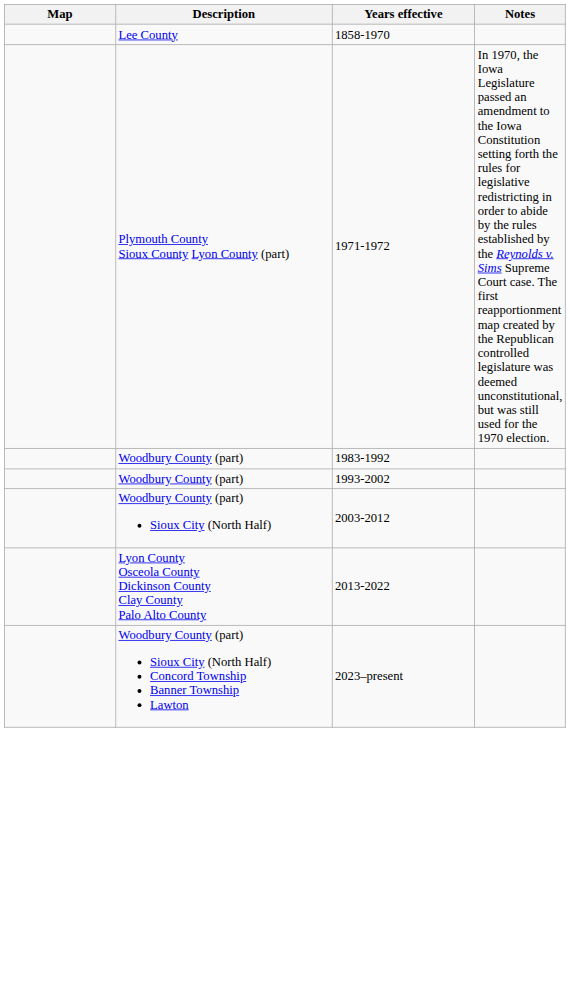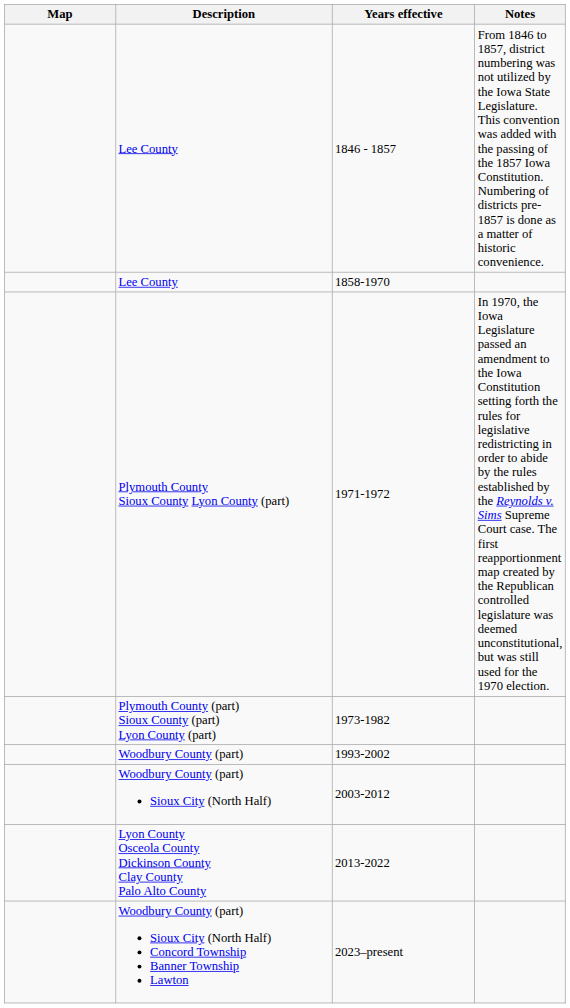 <table class="wikitable sortable">
 <tr>
 <th style="width:100pt;">Map</th>
 <th style="width:200pt;">Description</th>
 <th style="width:130pt;">Years effective</th>
 <th style="width:15pt;">Notes</th>
+</tr>
+<tr>
+<td></td>
+<td><a href='#'>Lee County</a></td>
+<td>1846 - 1857</td>
+<td>From 1846 to 1857, district numbering was not utilized by the Iowa State Legislature. This convention was added with the passing of the 1857 Iowa Constitution. Numbering of districts pre-1857 is done as a matter of historic convenience.</td>
 </tr>
 <tr>
 <td></td>
 <td><a href='#'>Lee County</a></td>
 <td>1858-1970</td>
 <td></td>
 </tr>
 <tr>
 <td></td>
 <td><a href='#'>Plymouth County</a><br><a href='#'>Sioux County</a> <a href='#'>Lyon County</a> (part)</td>
 <td>1971-1972</td>
 <td>In 1970, the Iowa Legislature passed an amendment to the Iowa Constitution setting forth the rules for legislative redistricting in order to abide by the rules established by the <em><a href='#'>Reynolds v. Sims</a></em> Supreme Court case. The first reapportionment map created by the Republican controlled legislature was deemed unconstitutional, but was still used for the 1970 election.</td>
 </tr>
 <tr>
 <td></td>
-<td><a href='#'>Woodbury County</a> (part)</td>
-<td>1983-1992</td>
+<td><a href='#'>Plymouth County</a> (part)<br><a href='#'>Sioux County</a> (part)<br><a href='#'>Lyon County</a> (part)</td>
+<td>1973-1982</td>
 <td></td>
 </tr>
 <tr>
 <td></td>
 <td><a href='#'>Woodbury County</a> (part)</td>
 <td>1993-2002</td>
 <td></td>
 </tr>
 <tr>
 <td></td>
 <td><a href='#'>Woodbury County</a> (part)<br><ul><li><a href='#'>Sioux City</a> (North Half)</li></ul></td>
 <td>2003-2012</td>
 <td></td>
 </tr>
 <tr>
 <td></td>
 <td><a href='#'>Lyon County</a><br><a href='#'>Osceola County</a><br><a href='#'>Dickinson County</a><br><a href='#'>Clay County</a><br><a href='#'>Palo Alto County</a></td>
 <td>2013-2022</td>
 <td></td>
 </tr>
 <tr>
 <td></td>
 <td><a href='#'>Woodbury County</a> (part)<br><ul><li><a href='#'>Sioux City</a> (North Half)</li><li><a href='#'>Concord Township</a></li><li><a href='#'>Banner Township</a></li><li><a href='#'>Lawton</a></li></ul></td>
 <td>2023–present</td>
 </tr>
 </table>
